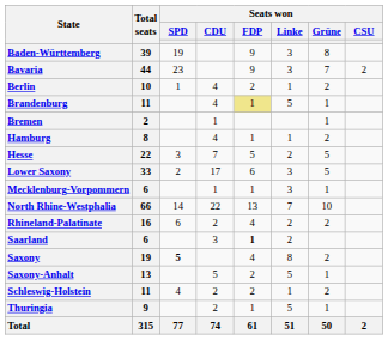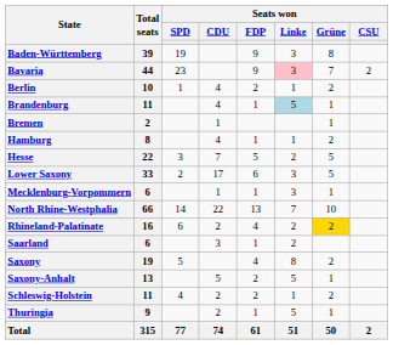 <table class="wikitable" style="text-align:center; font-size: 0.9em;">
 <tr>
 <th rowspan="3">State</th>
 <th rowspan="3">Total<br>seats</th>
 <th colspan="6">Seats won</th>
 </tr>
 <tr>
 <th class="unsortable" style="width:45px;"><a href='#'>SPD</a></th>
 <th class="unsortable" style="width:45px;"><a href='#'>CDU</a></th>
 <th class="unsortable" style="width:45px;"><a href='#'>FDP</a></th>
 <th class="unsortable" style="width:45px;"><a href='#'>Linke</a></th>
 <th class="unsortable" style="width:45px;"><a href='#'>Grüne</a></th>
 <th class="unsortable" style="width:45px;"><a href='#'>CSU</a></th>
 </tr>
 <tr>
 <th style="background:"></th>
 <th style="background:"></th>
 <th style="background:"></th>
 <th style="background:"></th>
 <th style="background:"></th>
 <th style="background:"></th>
 </tr>
 <tr>
 <th style="text-align: left;"><a href='#'>Baden-Württemberg</a></th>
 <th>39</th>
 <td>19</td>
 <td></td>
 <td>9</td>
 <td>3</td>
 <td>8</td>
 <td></td>
 </tr>
 <tr>
 <th style="text-align: left;"><a href='#'>Bavaria</a></th>
 <th>44</th>
 <td>23</td>
 <td></td>
 <td>9</td>
-<td>3</td>
+<td style="background: pink;">3</td>
 <td>7</td>
 <td>2</td>
 </tr>
 <tr>
 <th style="text-align: left;"><a href='#'>Berlin</a></th>
 <th>10</th>
 <td>1</td>
 <td>4</td>
 <td>2</td>
 <td>1</td>
 <td>2</td>
 <td></td>
 </tr>
 <tr>
 <th style="text-align: left;"><a href='#'>Brandenburg</a></th>
 <th>11</th>
 <td></td>
 <td>4</td>
-<td style="background: khaki;">1</td>
-<td>5</td>
+<td>1</td>
+<td style="background: lightblue;">5</td>
 <td>1</td>
 <td></td>
 </tr>
 <tr>
 <th style="text-align: left;"><a href='#'>Bremen</a></th>
 <th>2</th>
 <td></td>
 <td>1</td>
 <td></td>
 <td></td>
 <td>1</td>
 <td></td>
 </tr>
 <tr>
 <th style="text-align: left;"><a href='#'>Hamburg</a></th>
 <th>8</th>
 <td></td>
 <td>4</td>
 <td>1</td>
 <td>1</td>
 <td>2</td>
 <td></td>
 </tr>
 <tr>
 <th style="text-align: left;"><a href='#'>Hesse</a></th>
 <th>22</th>
 <td>3</td>
 <td>7</td>
 <td>5</td>
 <td>2</td>
 <td>5</td>
 <td></td>
 </tr>
 <tr>
 <th style="text-align: left;"><a href='#'>Lower Saxony</a></th>
 <th>33</th>
 <td>2</td>
 <td>17</td>
 <td>6</td>
 <td>3</td>
 <td>5</td>
 <td></td>
 </tr>
 <tr>
 <th style="text-align: left;"><a href='#'>Mecklenburg-Vorpommern</a></th>
 <th>6</th>
 <td></td>
 <td>1</td>
 <td>1</td>
 <td>3</td>
 <td>1</td>
 <td></td>
 </tr>
 <tr>
 <th style="text-align: left;"><a href='#'>North Rhine-Westphalia</a></th>
 <th>66</th>
 <td>14</td>
 <td>22</td>
 <td>13</td>
 <td>7</td>
 <td>10</td>
 <td></td>
 </tr>
 <tr class="sortbottom">
 <th style="text-align: left;"><a href='#'>Rhineland-Palatinate</a></th>
 <th>16</th>
 <td>6</td>
 <td>2</td>
 <td>4</td>
 <td>2</td>
-<td>2</td>
+<td style="background: gold;">2</td>
 <td></td>
 </tr>
 <tr>
 <th style="text-align: left;"><a href='#'>Saarland</a></th>
 <th>6</th>
 <td></td>
 <td>3</td>
-<td><strong>1</strong></td>
+<td>1</td>
 <td>2</td>
 <td></td>
 <td></td>
 </tr>
 <tr>
 <th style="text-align: left;"><a href='#'>Saxony</a></th>
 <th>19</th>
-<td><strong>5</strong></td>
+<td>5</td>
 <td></td>
 <td>4</td>
 <td>8</td>
 <td>2</td>
 <td></td>
 </tr>
 <tr>
 <th style="text-align: left;"><a href='#'>Saxony-Anhalt</a></th>
 <th>13</th>
 <td></td>
 <td>5</td>
 <td>2</td>
 <td>5</td>
 <td>1</td>
 <td></td>
 </tr>
 <tr>
 <th style="text-align: left;"><a href='#'>Schleswig-Holstein</a></th>
 <th>11</th>
 <td>4</td>
 <td>2</td>
 <td>2</td>
 <td>1</td>
 <td>2</td>
 <td></td>
 </tr>
 <tr>
 <th style="text-align: left;"><a href='#'>Thuringia</a></th>
 <th>9</th>
 <td></td>
 <td>2</td>
 <td>1</td>
 <td>5</td>
 <td>1</td>
 <td></td>
 </tr>
 <tr>
 <th style="text-align: left;">Total</th>
 <th>315</th>
 <th>77</th>
 <th>74</th>
 <th>61</th>
 <th>51</th>
 <th>50</th>
 <th>2</th>
 </tr>
 </table>
